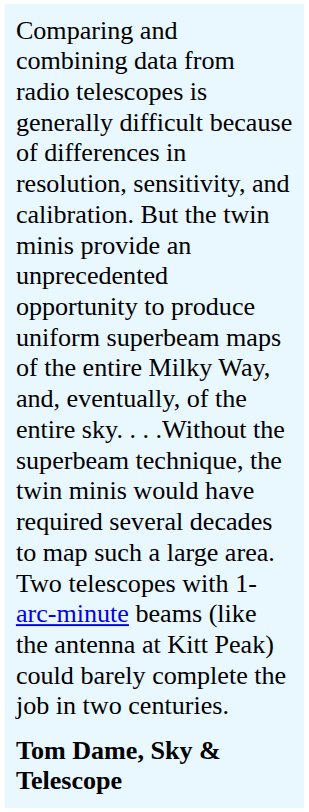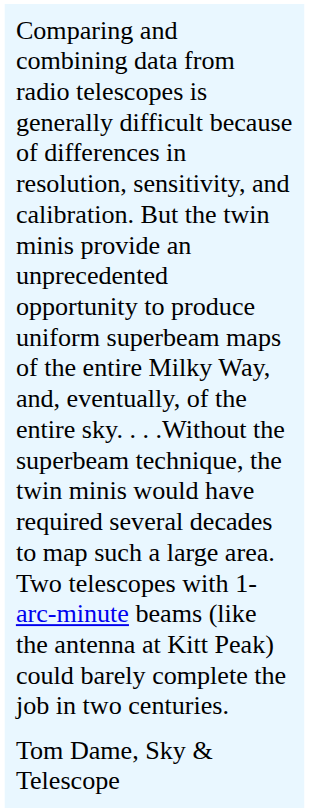 <table class="toccolours" style="float: right; margin-left: 1em; margin-right: 2em; font-size: 85%; background:#E9F7FF; color:black; width:28em; max-width: 25%;" cellspacing="5">
 <tr>
 <td style="text-align: left;">Comparing and combining data from radio telescopes is generally difficult because of differences in resolution, sensitivity, and calibration. But the twin minis provide an unprecedented opportunity to produce uniform superbeam maps of the entire Milky Way, and, eventually, of the entire sky. . . .Without the superbeam technique, the twin minis would have required several decades to map such a large area. Two telescopes with 1-<a href='#'>arc-minute</a> beams (like the antenna at Kitt Peak) could barely complete the job in two centuries.</td>
 </tr>
 <tr>
-<td style="text-align: left;"><strong>Tom Dame, Sky & Telescope</strong></td>
+<td style="text-align: left;">Tom Dame, Sky & Telescope</td>
 </tr>
 </table>
